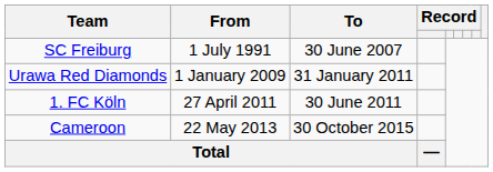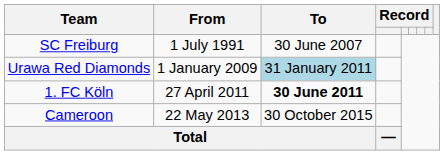 <table class="wikitable" style="text-align: center">
 <tr>
 <th rowspan="2">Team</th>
 <th rowspan="2">From</th>
 <th rowspan="2">To</th>
 <th colspan="5">Record</th>
 <th rowspan="2"></th>
 </tr>
 <tr>
 <th></th>
 <th></th>
 <th></th>
 <th></th>
 <th></th>
 </tr>
 <tr>
 <td><a href='#'>SC Freiburg</a></td>
 <td>1 July 1991</td>
 <td>30 June 2007<br></td>
 <td></td>
 </tr>
 <tr>
 <td><a href='#'>Urawa Red Diamonds</a></td>
 <td>1 January 2009</td>
-<td>31 January 2011<br></td>
+<td style="background: lightblue;">31 January 2011<br></td>
 <td></td>
 </tr>
 <tr>
 <td><a href='#'>1. FC Köln</a></td>
 <td>27 April 2011</td>
-<td>30 June 2011<br></td>
+<td><strong>30 June 2011<br></strong></td>
 <td></td>
 </tr>
 <tr>
 <td><a href='#'>Cameroon</a></td>
 <td>22 May 2013</td>
 <td>30 October 2015<br></td>
 <td></td>
 </tr>
 <tr>
 <th colspan="3">Total<br></th>
 <th>—</th>
 </tr>
 </table>
